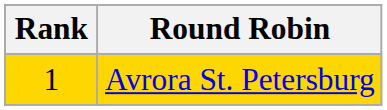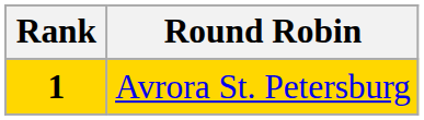 <table class="wikitable" style="text-align: center;">
 <tr>
 <th width=40>Rank</th>
 <th>Round Robin</th>
 </tr>
 <tr style="background:gold">
-<td>1</td>
+<td><strong>1</strong></td>
 <td align=left> <a href='#'>Avrora St. Petersburg</a></td>
 </tr>
 </table>
